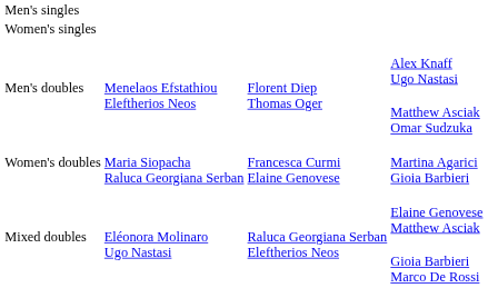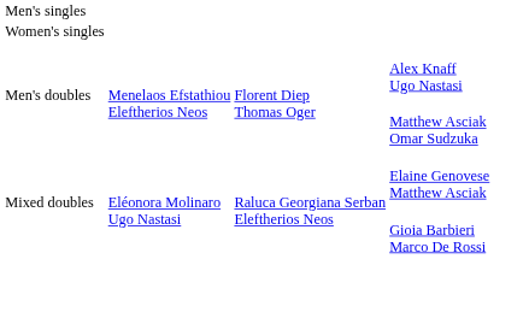 <table>
 <tr>
 <td rowspan=2>Men's singles</td>
 <td rowspan=2></td>
 <td rowspan=2></td>
 <td></td>
 </tr>
 <tr>
 <td></td>
 </tr>
 <tr>
 <td rowspan=2>Women's singles</td>
 <td rowspan=2></td>
 <td rowspan=2></td>
 <td></td>
 </tr>
 <tr>
 <td></td>
 </tr>
 <tr>
 <td rowspan=2>Men's doubles</td>
 <td rowspan=2><br><a href='#'>Menelaos Efstathiou</a><br><a href='#'>Eleftherios Neos</a></td>
 <td rowspan=2><br><a href='#'>Florent Diep</a><br><a href='#'>Thomas Oger</a></td>
 <td><br><a href='#'>Alex Knaff</a><br><a href='#'>Ugo Nastasi</a></td>
 </tr>
 <tr>
 <td><br><a href='#'>Matthew Asciak</a><br><a href='#'>Omar Sudzuka</a></td>
 </tr>
 <tr>
-<td>Women's doubles</td>
-<td><br><a href='#'>Maria Siopacha</a><br><a href='#'>Raluca Georgiana Serban</a></td>
-<td><br><a href='#'>Francesca Curmi</a><br><a href='#'>Elaine Genovese</a></td>
-<td><br><a href='#'>Martina Agarici</a><br><a href='#'>Gioia Barbieri</a></td>
-</tr>
-<tr>
 <td rowspan=2>Mixed doubles</td>
 <td rowspan=2><br><a href='#'>Eléonora Molinaro</a><br><a href='#'>Ugo Nastasi</a></td>
 <td rowspan=2><br><a href='#'>Raluca Georgiana Serban</a><br><a href='#'>Eleftherios Neos</a></td>
 <td><br><a href='#'>Elaine Genovese</a><br><a href='#'>Matthew Asciak</a></td>
 </tr>
 <tr>
 <td><br><a href='#'>Gioia Barbieri</a><br><a href='#'>Marco De Rossi</a></td>
 </tr>
 </table>
